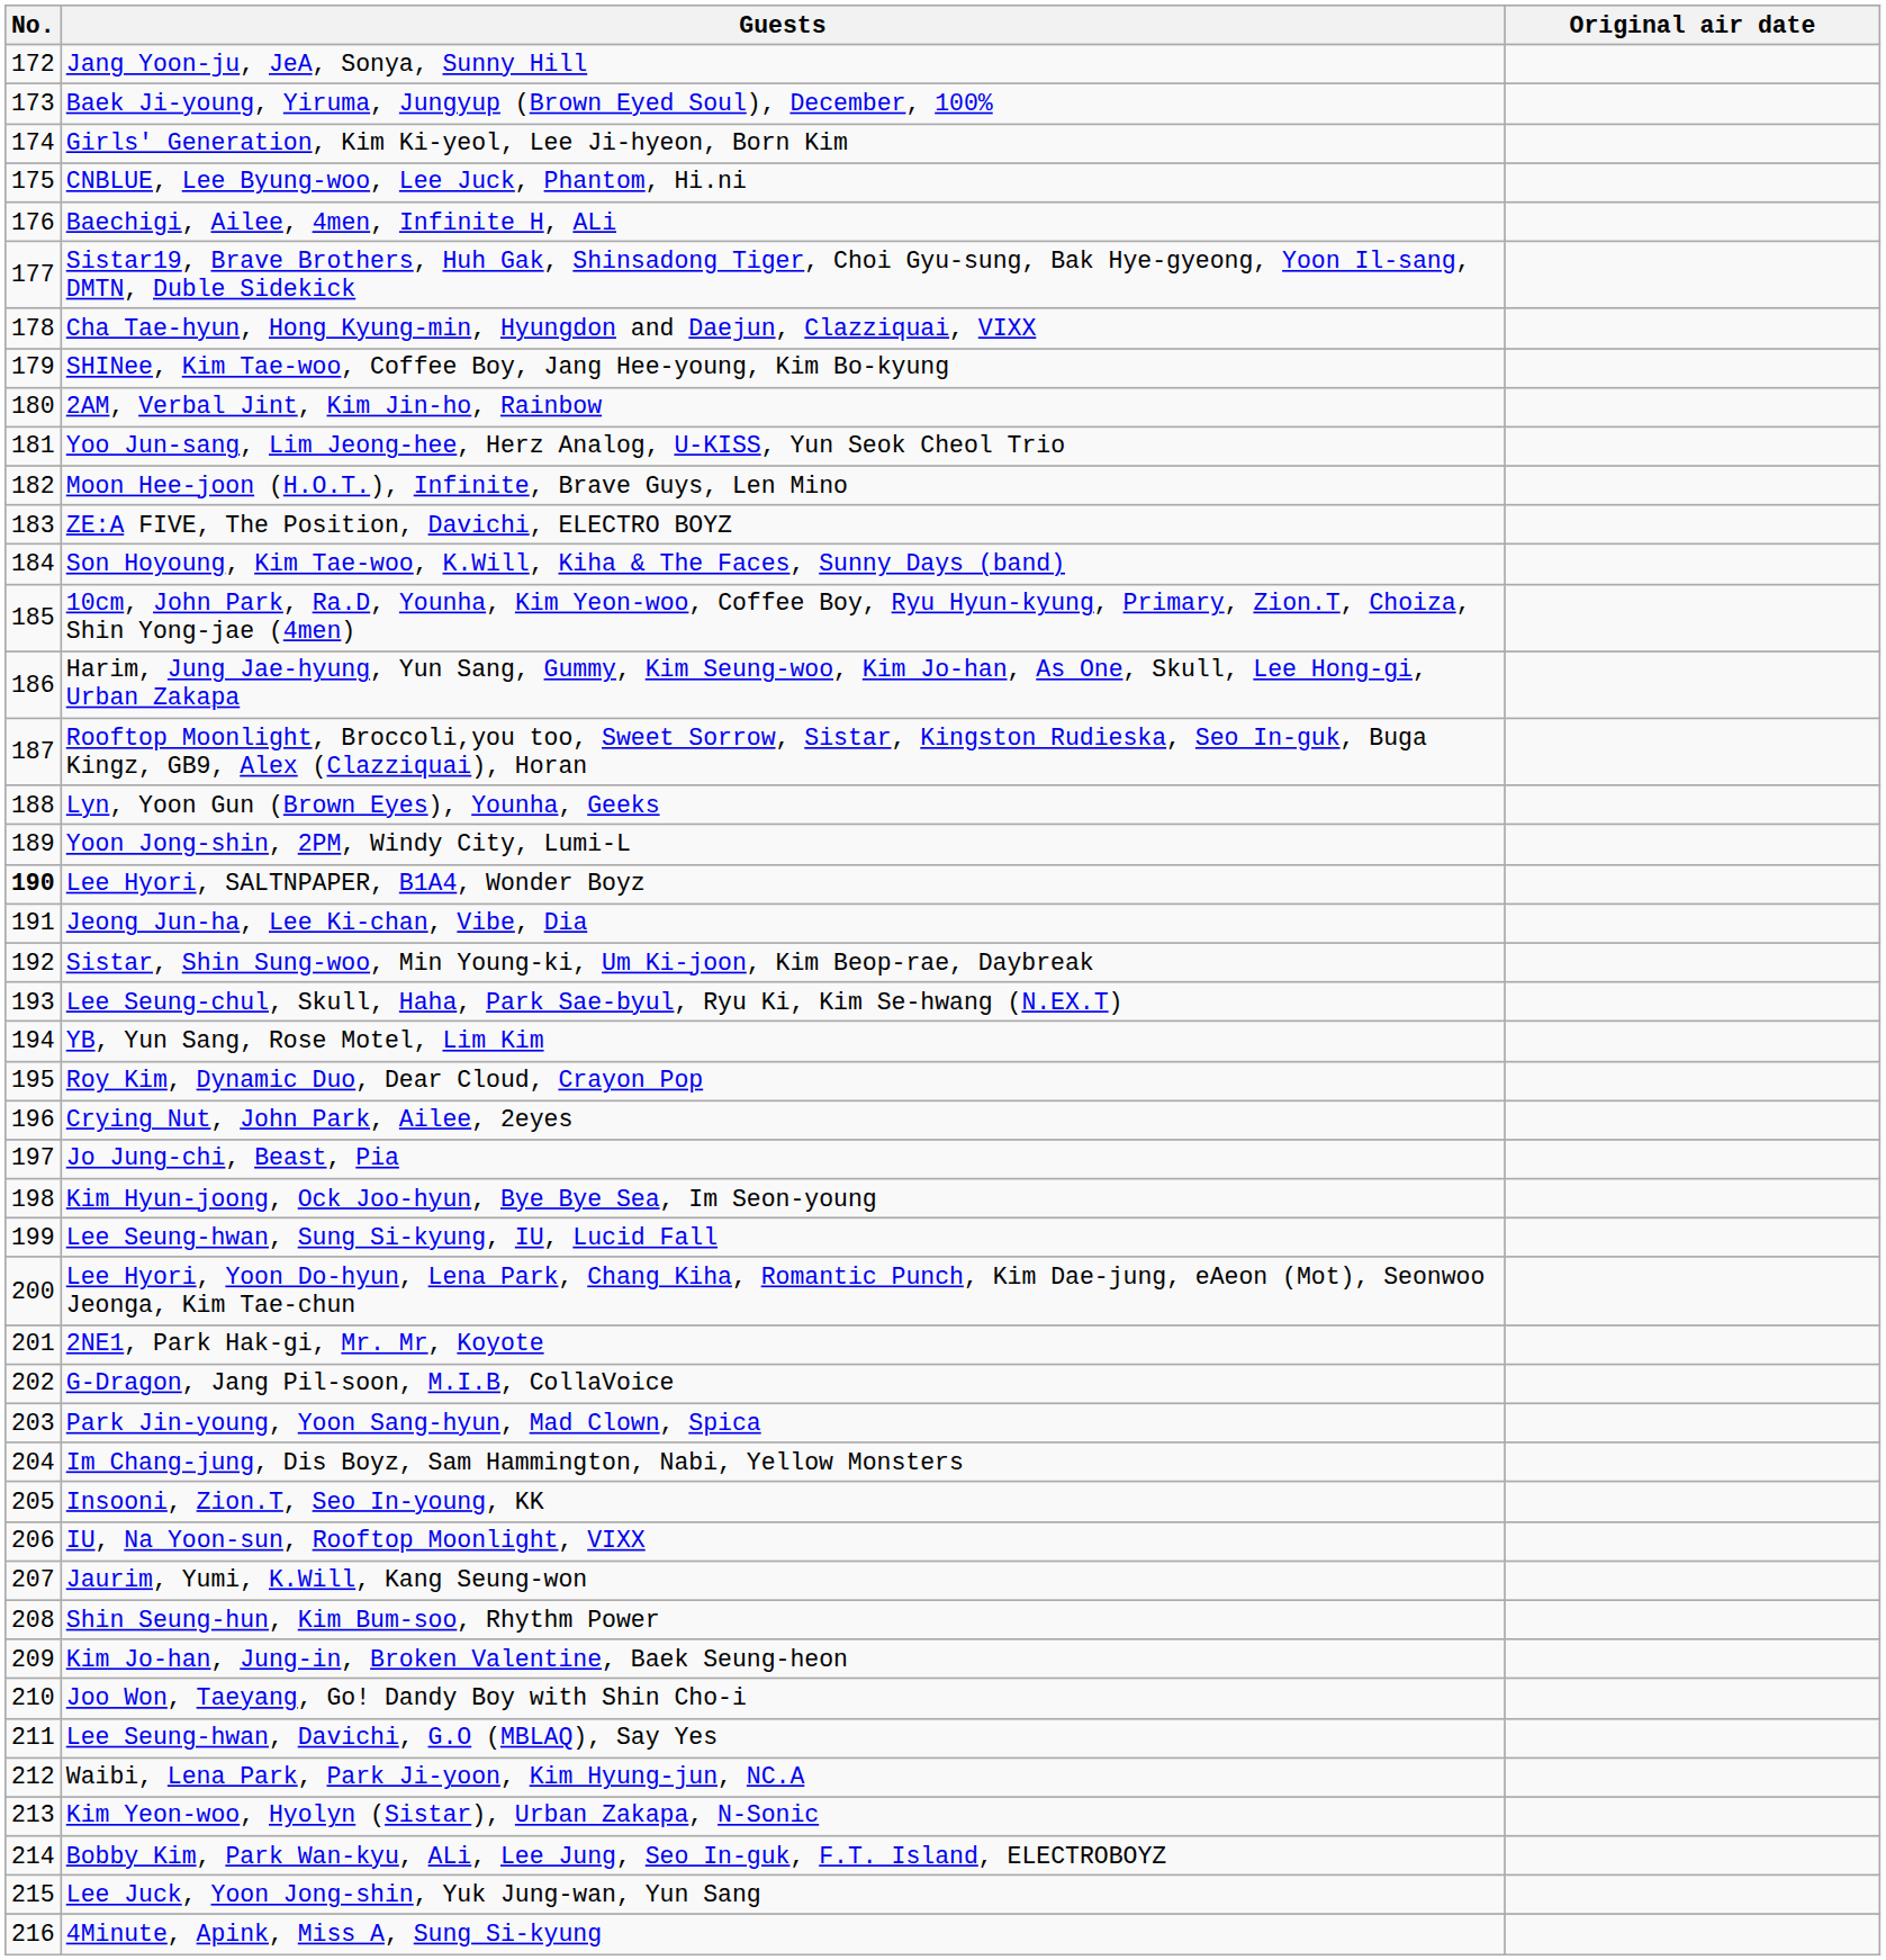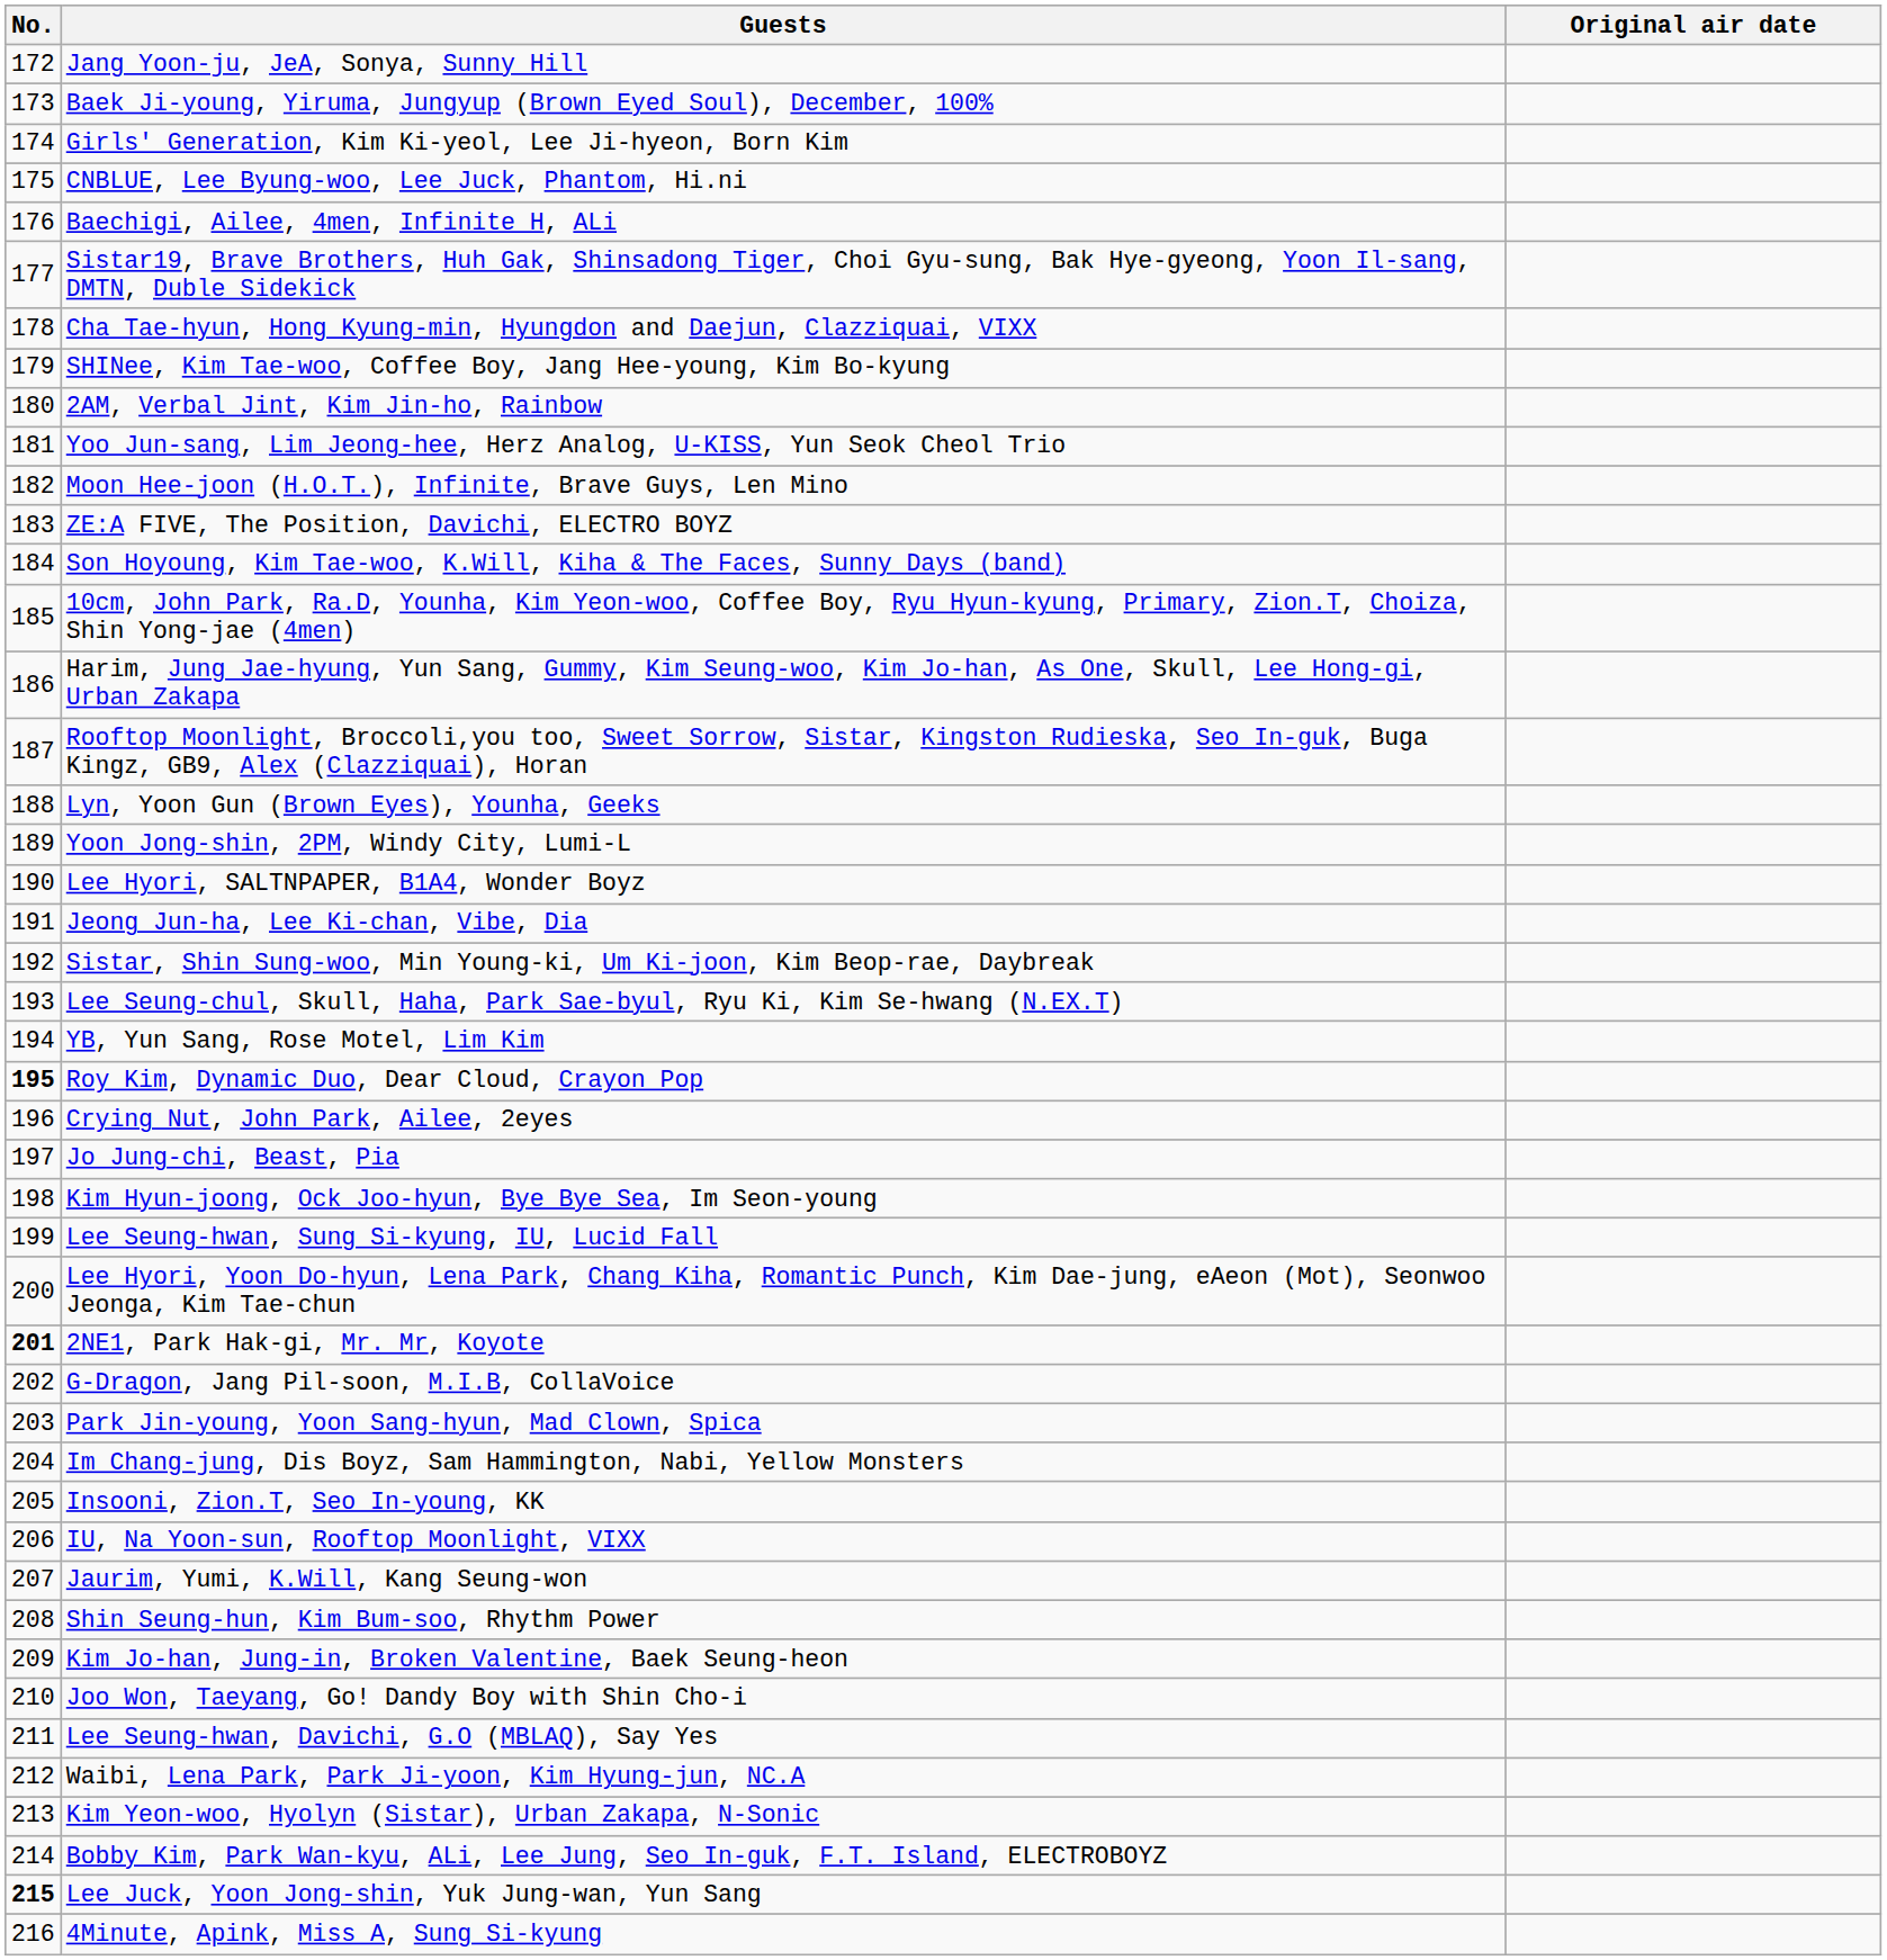 <table class="wikitable" style="width:80%; style="text-align:center" margin:auto; background:#FFFFFF;">
 <tr>
 <th>No.</th>
 <th>Guests</th>
 <th width="20%">Original air date</th>
 </tr>
 <tr>
 <td>172</td>
 <td><a href='#'>Jang Yoon-ju</a>, <a href='#'>JeA</a>, Sonya, <a href='#'>Sunny Hill</a></td>
 <td></td>
 </tr>
 <tr>
 <td>173</td>
 <td><a href='#'>Baek Ji-young</a>, <a href='#'>Yiruma</a>, <a href='#'>Jungyup</a> (<a href='#'>Brown Eyed Soul</a>), <a href='#'>December</a>, <a href='#'>100%</a></td>
 <td></td>
 </tr>
 <tr>
 <td>174</td>
 <td><a href='#'>Girls' Generation</a>, Kim Ki-yeol, Lee Ji-hyeon, Born Kim</td>
 <td></td>
 </tr>
 <tr>
 <td>175</td>
 <td><a href='#'>CNBLUE</a>, <a href='#'>Lee Byung-woo</a>, <a href='#'>Lee Juck</a>, <a href='#'>Phantom</a>, Hi.ni</td>
 <td></td>
 </tr>
 <tr>
 <td>176</td>
 <td><a href='#'>Baechigi</a>, <a href='#'>Ailee</a>, <a href='#'>4men</a>, <a href='#'>Infinite H</a>, <a href='#'>ALi</a></td>
 <td></td>
 </tr>
 <tr>
 <td>177</td>
 <td><a href='#'>Sistar19</a>, <a href='#'>Brave Brothers</a>, <a href='#'>Huh Gak</a>, <a href='#'>Shinsadong Tiger</a>, Choi Gyu-sung, Bak Hye-gyeong, <a href='#'>Yoon Il-sang</a>, <a href='#'>DMTN</a>, <a href='#'>Duble Sidekick</a></td>
 <td></td>
 </tr>
 <tr>
 <td>178</td>
 <td><a href='#'>Cha Tae-hyun</a>, <a href='#'>Hong Kyung-min</a>, <a href='#'>Hyungdon</a> and <a href='#'>Daejun</a>, <a href='#'>Clazziquai</a>, <a href='#'>VIXX</a></td>
 <td></td>
 </tr>
 <tr>
 <td>179</td>
 <td><a href='#'>SHINee</a>, <a href='#'>Kim Tae-woo</a>, Coffee Boy, Jang Hee-young, Kim Bo-kyung</td>
 <td></td>
 </tr>
 <tr>
 <td>180</td>
 <td><a href='#'>2AM</a>, <a href='#'>Verbal Jint</a>, <a href='#'>Kim Jin-ho</a>, <a href='#'>Rainbow</a></td>
 <td></td>
 </tr>
 <tr>
 <td>181</td>
 <td><a href='#'>Yoo Jun-sang</a>, <a href='#'>Lim Jeong-hee</a>, Herz Analog, <a href='#'>U-KISS</a>, Yun Seok Cheol Trio</td>
 <td></td>
 </tr>
 <tr>
 <td>182</td>
 <td><a href='#'>Moon Hee-joon</a> (<a href='#'>H.O.T.</a>), <a href='#'>Infinite</a>, Brave Guys, Len Mino</td>
 <td></td>
 </tr>
 <tr>
 <td>183</td>
 <td><a href='#'>ZE:A</a> FIVE, The Position, <a href='#'>Davichi</a>, ELECTRO BOYZ</td>
 <td></td>
 </tr>
 <tr>
 <td>184</td>
 <td><a href='#'>Son Hoyoung</a>, <a href='#'>Kim Tae-woo</a>, <a href='#'>K.Will</a>, <a href='#'>Kiha & The Faces</a>, <a href='#'>Sunny Days (band)</a></td>
 <td></td>
 </tr>
 <tr>
 <td>185</td>
 <td><a href='#'>10cm</a>, <a href='#'>John Park</a>, <a href='#'>Ra.D</a>, <a href='#'>Younha</a>, <a href='#'>Kim Yeon-woo</a>, Coffee Boy, <a href='#'>Ryu Hyun-kyung</a>, <a href='#'>Primary</a>, <a href='#'>Zion.T</a>, <a href='#'>Choiza</a>, Shin Yong-jae (<a href='#'>4men</a>)</td>
 <td></td>
 </tr>
 <tr>
 <td>186</td>
 <td>Harim, <a href='#'>Jung Jae-hyung</a>, Yun Sang, <a href='#'>Gummy</a>, <a href='#'>Kim Seung-woo</a>, <a href='#'>Kim Jo-han</a>, <a href='#'>As One</a>, Skull, <a href='#'>Lee Hong-gi</a>, <a href='#'>Urban Zakapa</a></td>
 <td></td>
 </tr>
 <tr>
 <td>187</td>
 <td><a href='#'>Rooftop Moonlight</a>, Broccoli,you too, <a href='#'>Sweet Sorrow</a>, <a href='#'>Sistar</a>, <a href='#'>Kingston Rudieska</a>, <a href='#'>Seo In-guk</a>, Buga Kingz, GB9, <a href='#'>Alex</a> (<a href='#'>Clazziquai</a>), Horan</td>
 <td></td>
 </tr>
 <tr>
 <td>188</td>
 <td><a href='#'>Lyn</a>, Yoon Gun (<a href='#'>Brown Eyes</a>), <a href='#'>Younha</a>, <a href='#'>Geeks</a></td>
 <td></td>
 </tr>
 <tr>
 <td>189</td>
 <td><a href='#'>Yoon Jong-shin</a>, <a href='#'>2PM</a>, Windy City, Lumi-L</td>
 <td></td>
 </tr>
 <tr>
-<td><strong>190</strong></td>
+<td>190</td>
 <td><a href='#'>Lee Hyori</a>, SALTNPAPER, <a href='#'>B1A4</a>, Wonder Boyz</td>
 <td></td>
 </tr>
 <tr>
 <td>191</td>
 <td><a href='#'>Jeong Jun-ha</a>, <a href='#'>Lee Ki-chan</a>, <a href='#'>Vibe</a>, <a href='#'>Dia</a></td>
 <td></td>
 </tr>
 <tr>
 <td>192</td>
 <td><a href='#'>Sistar</a>, <a href='#'>Shin Sung-woo</a>, Min Young-ki, <a href='#'>Um Ki-joon</a>, Kim Beop-rae, Daybreak</td>
 <td></td>
 </tr>
 <tr>
 <td>193</td>
 <td><a href='#'>Lee Seung-chul</a>, Skull, <a href='#'>Haha</a>, <a href='#'>Park Sae-byul</a>, Ryu Ki, Kim Se-hwang (<a href='#'>N.EX.T</a>)</td>
 <td></td>
 </tr>
 <tr>
 <td>194</td>
 <td><a href='#'>YB</a>, Yun Sang, Rose Motel, <a href='#'>Lim Kim</a></td>
 <td></td>
 </tr>
 <tr>
-<td>195</td>
+<td><strong>195</strong></td>
 <td><a href='#'>Roy Kim</a>, <a href='#'>Dynamic Duo</a>, Dear Cloud, <a href='#'>Crayon Pop</a></td>
 <td></td>
 </tr>
 <tr>
 <td>196</td>
 <td><a href='#'>Crying Nut</a>, <a href='#'>John Park</a>, <a href='#'>Ailee</a>, 2eyes</td>
 <td></td>
 </tr>
 <tr>
 <td>197</td>
 <td><a href='#'>Jo Jung-chi</a>, <a href='#'>Beast</a>, <a href='#'>Pia</a></td>
 <td></td>
 </tr>
 <tr>
 <td>198</td>
 <td><a href='#'>Kim Hyun-joong</a>, <a href='#'>Ock Joo-hyun</a>, <a href='#'>Bye Bye Sea</a>, Im Seon-young</td>
 <td></td>
 </tr>
 <tr>
 <td>199</td>
 <td><a href='#'>Lee Seung-hwan</a>, <a href='#'>Sung Si-kyung</a>, <a href='#'>IU</a>, <a href='#'>Lucid Fall</a></td>
 <td></td>
 </tr>
 <tr>
 <td>200</td>
 <td><a href='#'>Lee Hyori</a>, <a href='#'>Yoon Do-hyun</a>, <a href='#'>Lena Park</a>, <a href='#'>Chang Kiha</a>, <a href='#'>Romantic Punch</a>, Kim Dae-jung, eAeon (Mot), Seonwoo Jeonga, Kim Tae-chun</td>
 <td></td>
 </tr>
 <tr>
-<td>201</td>
+<td><strong>201</strong></td>
 <td><a href='#'>2NE1</a>, Park Hak-gi, <a href='#'>Mr. Mr</a>, <a href='#'>Koyote</a></td>
 <td></td>
 </tr>
 <tr>
 <td>202</td>
 <td><a href='#'>G-Dragon</a>, Jang Pil-soon, <a href='#'>M.I.B</a>, CollaVoice</td>
 <td></td>
 </tr>
 <tr>
 <td>203</td>
 <td><a href='#'>Park Jin-young</a>, <a href='#'>Yoon Sang-hyun</a>, <a href='#'>Mad Clown</a>, <a href='#'>Spica</a></td>
 <td></td>
 </tr>
 <tr>
 <td>204</td>
 <td><a href='#'>Im Chang-jung</a>, Dis Boyz, Sam Hammington, Nabi, Yellow Monsters</td>
 <td></td>
 </tr>
 <tr>
 <td>205</td>
 <td><a href='#'>Insooni</a>, <a href='#'>Zion.T</a>, <a href='#'>Seo In-young</a>, KK</td>
 <td></td>
 </tr>
 <tr>
 <td>206</td>
 <td><a href='#'>IU</a>, <a href='#'>Na Yoon-sun</a>, <a href='#'>Rooftop Moonlight</a>, <a href='#'>VIXX</a></td>
 <td></td>
 </tr>
 <tr>
 <td>207</td>
 <td><a href='#'>Jaurim</a>, Yumi, <a href='#'>K.Will</a>, Kang Seung-won</td>
 <td></td>
 </tr>
 <tr>
 <td>208</td>
 <td><a href='#'>Shin Seung-hun</a>, <a href='#'>Kim Bum-soo</a>, Rhythm Power</td>
 <td></td>
 </tr>
 <tr>
 <td>209</td>
 <td><a href='#'>Kim Jo-han</a>, <a href='#'>Jung-in</a>, <a href='#'>Broken Valentine</a>, Baek Seung-heon</td>
 <td></td>
 </tr>
 <tr>
 <td>210</td>
 <td><a href='#'>Joo Won</a>, <a href='#'>Taeyang</a>, Go! Dandy Boy with Shin Cho-i</td>
 <td></td>
 </tr>
 <tr>
 <td>211</td>
 <td><a href='#'>Lee Seung-hwan</a>, <a href='#'>Davichi</a>, <a href='#'>G.O</a> (<a href='#'>MBLAQ</a>), Say Yes</td>
 <td></td>
 </tr>
 <tr>
 <td>212</td>
 <td>Waibi, <a href='#'>Lena Park</a>, <a href='#'>Park Ji-yoon</a>, <a href='#'>Kim Hyung-jun</a>, <a href='#'>NC.A</a></td>
 <td></td>
 </tr>
 <tr>
 <td>213</td>
 <td><a href='#'>Kim Yeon-woo</a>, <a href='#'>Hyolyn</a> (<a href='#'>Sistar</a>), <a href='#'>Urban Zakapa</a>, <a href='#'>N-Sonic</a></td>
 <td></td>
 </tr>
 <tr>
 <td>214</td>
 <td><a href='#'>Bobby Kim</a>, <a href='#'>Park Wan-kyu</a>, <a href='#'>ALi</a>, <a href='#'>Lee Jung</a>, <a href='#'>Seo In-guk</a>, <a href='#'>F.T. Island</a>, ELECTROBOYZ</td>
 <td></td>
 </tr>
 <tr>
-<td>215</td>
+<td><strong>215</strong></td>
 <td><a href='#'>Lee Juck</a>, <a href='#'>Yoon Jong-shin</a>, Yuk Jung-wan, Yun Sang</td>
 <td></td>
 </tr>
 <tr>
 <td>216</td>
 <td><a href='#'>4Minute</a>, <a href='#'>Apink</a>, <a href='#'>Miss A</a>, <a href='#'>Sung Si-kyung</a></td>
 <td></td>
 </tr>
 </table>
